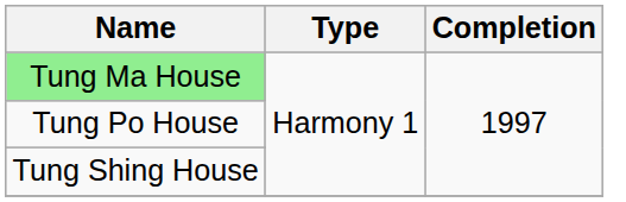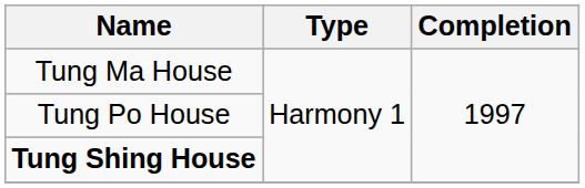 <table class="wikitable" style="text-align: center">
 <tr>
 <th>Name</th>
 <th>Type</th>
 <th>Completion</th>
 </tr>
 <tr>
-<td style="background: lightgreen;">Tung Ma House</td>
+<td>Tung Ma House</td>
 <td rowspan="3">Harmony 1</td>
 <td rowspan="3">1997</td>
 </tr>
 <tr>
 <td>Tung Po House</td>
 </tr>
 <tr>
-<td>Tung Shing House</td>
+<td><strong>Tung Shing House</strong></td>
 </tr>
 <tr>
 </tr>
 </table>
